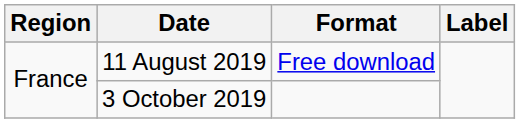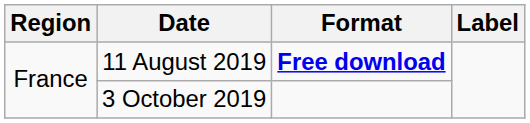 <table class="wikitable plainrowheaders" style="text-align:center">
 <tr>
 <th>Region</th>
 <th>Date</th>
 <th>Format</th>
 <th>Label</th>
 </tr>
 <tr>
 <td rowspan="2">France</td>
 <td>11 August 2019</td>
-<td><a href='#'>Free download</a></td>
+<td><strong><a href='#'>Free download</a></strong></td>
 <td rowspan="2"></td>
 </tr>
 <tr>
 <td>3 October 2019</td>
 <td></td>
 </tr>
 </table>
